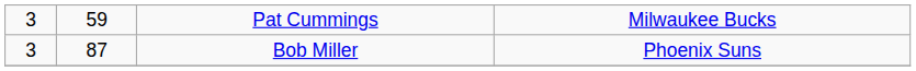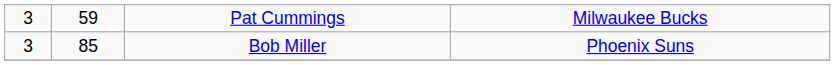 <table class="wikitable" width="60%">
 <tr align="center" bgcolor="">
 <td>3</td>
 <td>59</td>
 <td><a href='#'>Pat Cummings</a></td>
 <td><a href='#'>Milwaukee Bucks</a></td>
 </tr>
 <tr align="center" bgcolor="">
 <td>3</td>
-<td>87</td>
+<td>85</td>
 <td><a href='#'>Bob Miller</a></td>
 <td><a href='#'>Phoenix Suns</a></td>
 </tr>
 <tr align="center" bgcolor="">
 </tr>
 </table>
